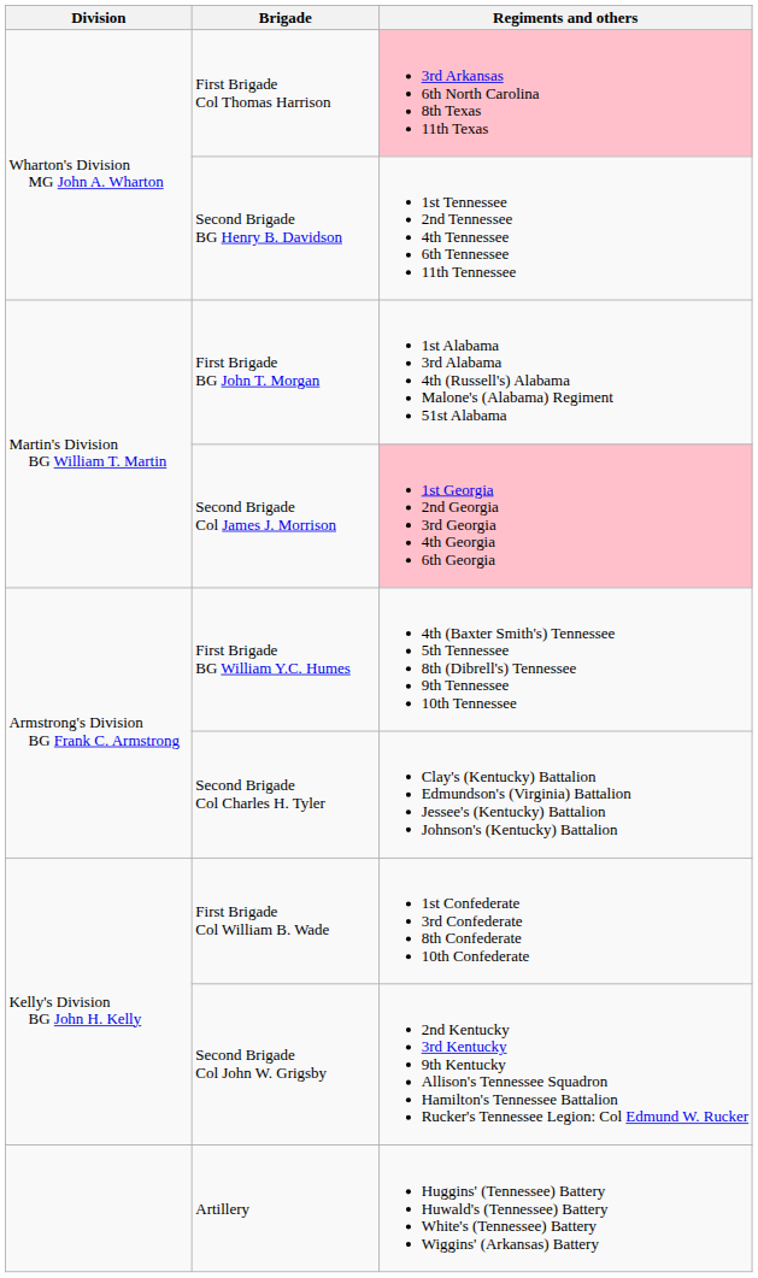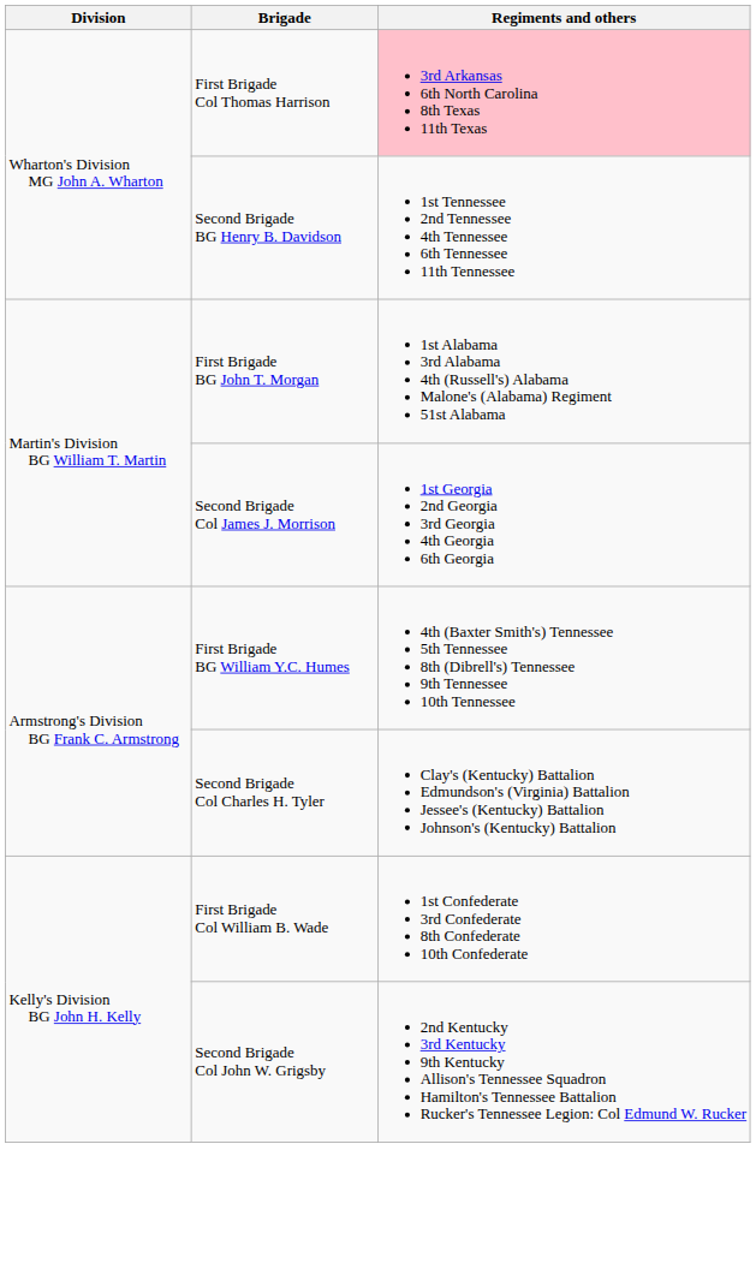 <table class="wikitable">
 <tr>
 <th width=25%>Division</th>
 <th width=25%>Brigade</th>
 <th>Regiments and others</th>
 </tr>
 <tr>
 <td rowspan=2><br>Wharton's Division <br>     MG <a href='#'>John A. Wharton</a></td>
 <td>First Brigade<br>Col Thomas Harrison</td>
 <td style="background: pink;"><br><ul><li><a href='#'>3rd Arkansas</a></li><li>6th North Carolina</li><li>8th Texas</li><li>11th Texas</li></ul></td>
 </tr>
 <tr>
 <td>Second Brigade<br>BG <a href='#'>Henry B. Davidson</a></td>
 <td><br><ul><li>1st Tennessee</li><li>2nd Tennessee</li><li>4th Tennessee</li><li>6th Tennessee</li><li>11th Tennessee</li></ul></td>
 </tr>
 <tr>
 <td rowspan=2><br>Martin's Division <br>     BG <a href='#'>William T. Martin</a></td>
 <td>First Brigade<br>BG <a href='#'>John T. Morgan</a></td>
 <td><br><ul><li>1st Alabama</li><li>3rd Alabama</li><li>4th (Russell's) Alabama</li><li>Malone's (Alabama) Regiment</li><li>51st Alabama</li></ul></td>
 </tr>
 <tr>
 <td>Second Brigade<br>Col <a href='#'>James J. Morrison</a></td>
-<td style="background: pink;"><br><ul><li><a href='#'>1st Georgia</a></li><li>2nd Georgia</li><li>3rd Georgia</li><li>4th Georgia</li><li>6th Georgia</li></ul></td>
+<td><br><ul><li><a href='#'>1st Georgia</a></li><li>2nd Georgia</li><li>3rd Georgia</li><li>4th Georgia</li><li>6th Georgia</li></ul></td>
 </tr>
 <tr>
 <td rowspan=2><br>Armstrong's Division <br>     BG <a href='#'>Frank C. Armstrong</a></td>
 <td>First Brigade<br>BG <a href='#'>William Y.C. Humes</a></td>
 <td><br><ul><li>4th (Baxter Smith's) Tennessee</li><li>5th Tennessee</li><li>8th (Dibrell's) Tennessee</li><li>9th Tennessee</li><li>10th Tennessee</li></ul></td>
 </tr>
 <tr>
 <td>Second Brigade<br>Col Charles H. Tyler</td>
 <td><br><ul><li>Clay's (Kentucky) Battalion</li><li>Edmundson's (Virginia) Battalion</li><li>Jessee's (Kentucky) Battalion</li><li>Johnson's (Kentucky) Battalion</li></ul></td>
 </tr>
 <tr>
 <td rowspan=2><br>Kelly's Division <br>     BG <a href='#'>John H. Kelly</a></td>
 <td>First Brigade<br>Col William B. Wade</td>
 <td><br><ul><li>1st Confederate</li><li>3rd Confederate</li><li>8th Confederate</li><li>10th Confederate</li></ul></td>
 </tr>
 <tr>
 <td>Second Brigade<br>Col John W. Grigsby</td>
 <td><br><ul><li>2nd Kentucky</li><li><a href='#'>3rd Kentucky</a></li><li>9th Kentucky</li><li>Allison's Tennessee Squadron</li><li>Hamilton's Tennessee Battalion</li><li>Rucker's Tennessee Legion: Col <a href='#'>Edmund W. Rucker</a></li></ul></td>
 </tr>
-<tr>
-<td></td>
-<td>Artillery</td>
-<td><br><ul><li>Huggins' (Tennessee) Battery</li><li>Huwald's (Tennessee) Battery</li><li>White's (Tennessee) Battery</li><li>Wiggins' (Arkansas) Battery</li></ul></td>
-</tr>
 </table>
